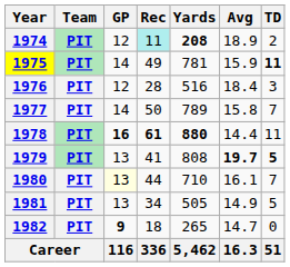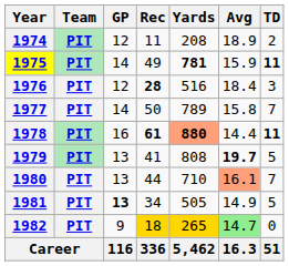 <table class="wikitable" style="text-align:center;">
 <tr>
 <th>Year</th>
 <th>Team</th>
 <th>GP</th>
 <th>Rec</th>
 <th>Yards</th>
 <th>Avg</th>
 <th>TD</th>
 </tr>
 <tr>
 <th><a href='#'>1974</a></th>
 <th style="background:#afe6ba; width:3em;"><a href='#'>PIT</a></th>
 <td>12</td>
-<td style="background: paleturquoise;">11</td>
-<td><strong>208</strong></td>
+<td>11</td>
+<td>208</td>
 <td>18.9</td>
 <td>2</td>
 </tr>
 <tr>
 <th style="background:#FFFF00; width:3em;"><a href='#'>1975</a></th>
 <th style="background:#afe6ba; width:3em;"><a href='#'>PIT</a></th>
 <td>14</td>
 <td>49</td>
-<td>781</td>
+<td><strong>781</strong></td>
 <td>15.9</td>
 <td><strong>11</strong></td>
 </tr>
 <tr>
 <th><a href='#'>1976</a></th>
 <th><a href='#'>PIT</a></th>
 <td>12</td>
-<td>28</td>
+<td><strong>28</strong></td>
 <td>516</td>
 <td>18.4</td>
 <td>3</td>
 </tr>
 <tr>
 <th><a href='#'>1977</a></th>
 <th><a href='#'>PIT</a></th>
 <td>14</td>
 <td>50</td>
 <td>789</td>
 <td>15.8</td>
 <td>7</td>
 </tr>
 <tr>
 <th><a href='#'>1978</a></th>
 <th style="background:#afe6ba; width:3em;"><a href='#'>PIT</a></th>
-<td><strong>16</strong></td>
+<td>16</td>
 <td><strong>61</strong></td>
-<td><strong>880</strong></td>
+<td style="background: lightsalmon;"><strong>880</strong></td>
 <td>14.4</td>
-<td>11</td>
+<td><strong>11</strong></td>
 </tr>
 <tr>
 <th><a href='#'>1979</a></th>
 <th style="background:#afe6ba; width:3em;"><a href='#'>PIT</a></th>
 <td>13</td>
 <td>41</td>
 <td>808</td>
 <td><strong>19.7</strong></td>
-<td><strong>5</strong></td>
+<td>5</td>
 </tr>
 <tr>
 <th><a href='#'>1980</a></th>
 <th><a href='#'>PIT</a></th>
-<td style="background: lightyellow;">13</td>
+<td>13</td>
 <td>44</td>
 <td>710</td>
-<td>16.1</td>
+<td style="background: lightsalmon;">16.1</td>
 <td>7</td>
 </tr>
 <tr>
 <th><a href='#'>1981</a></th>
 <th><a href='#'>PIT</a></th>
-<td>13</td>
+<td><strong>13</strong></td>
 <td>34</td>
 <td>505</td>
 <td>14.9</td>
 <td>5</td>
 </tr>
 <tr>
 <th><a href='#'>1982</a></th>
 <th><a href='#'>PIT</a></th>
-<td><strong>9</strong></td>
-<td>18</td>
-<td>265</td>
-<td>14.7</td>
+<td>9</td>
+<td style="background: gold;">18</td>
+<td style="background: gold;">265</td>
+<td style="background: lightgreen;">14.7</td>
 <td>0</td>
 </tr>
 <tr>
 <th colspan="2">Career</th>
 <th>116</th>
 <th>336</th>
 <th>5,462</th>
 <th>16.3</th>
 <th>51</th>
 </tr>
 </table>
